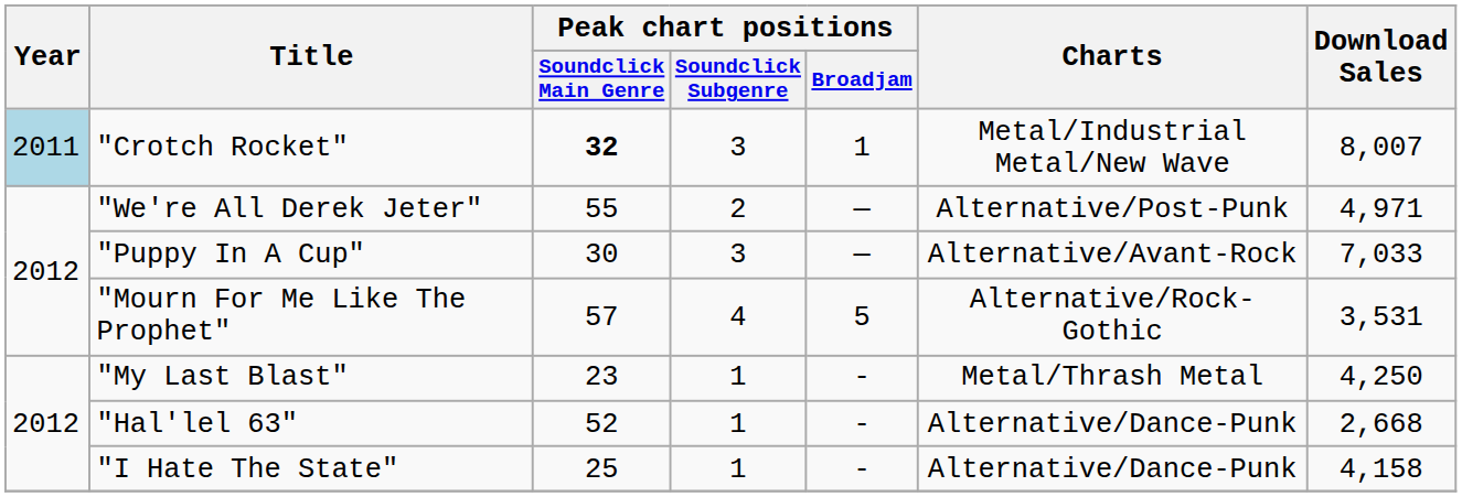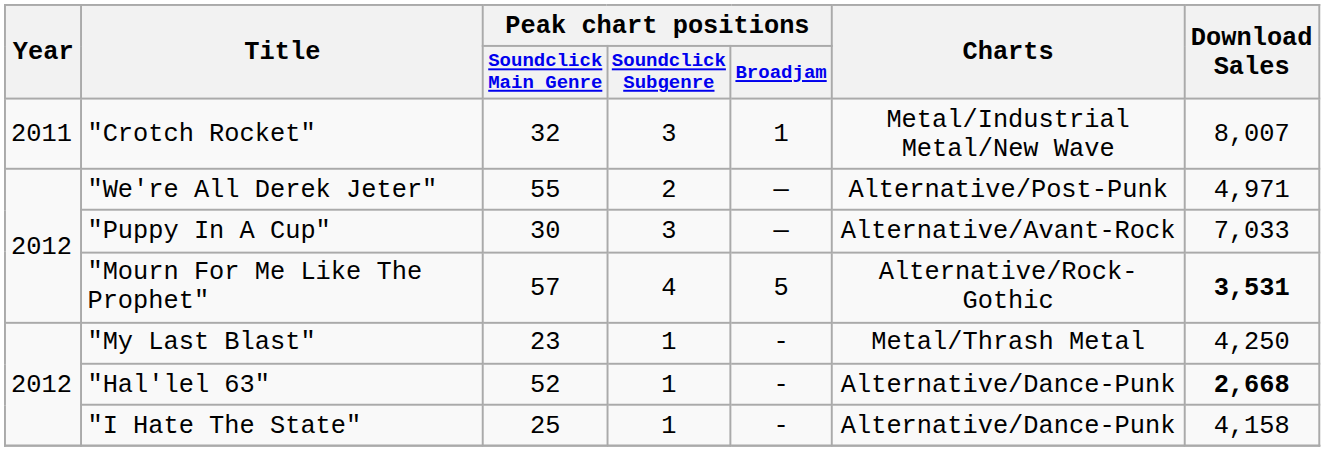 <table class="wikitable">
 <tr>
 <th rowspan="2" width="33">Year</th>
 <th width="200" rowspan="2">Title</th>
 <th colspan="3">Peak chart positions</th>
 <th rowspan="2" width="175">Charts</th>
 <th rowspan="2" width="7">Download Sales</th>
 </tr>
 <tr>
 <th style="width:3em;font-size:75%"><a href='#'>Soundclick Main Genre</a></th>
 <th style="width:3em;font-size:75%"><a href='#'>Soundclick Subgenre</a></th>
 <th style="width:3em;font-size:75%"><a href='#'>Broadjam</a></th>
 </tr>
 <tr>
-<td style="background: lightblue;">2011</td>
+<td>2011</td>
 <td>"Crotch Rocket"</td>
-<td align="center"><strong>32</strong></td>
+<td align="center">32</td>
 <td align="center">3</td>
 <td align="center">1</td>
 <td align="center">Metal/Industrial Metal/New Wave</td>
 <td align="center">8,007</td>
 </tr>
 <tr>
 <td rowspan="3">2012</td>
 <td>"We're All Derek Jeter"</td>
 <td align="center">55</td>
 <td align="center">2</td>
 <td align="center">—</td>
 <td align="center">Alternative/Post-Punk</td>
 <td align="center">4,971</td>
 </tr>
 <tr>
 <td>"Puppy In A Cup"</td>
 <td align="center">30</td>
 <td align="center">3</td>
 <td align="center">—</td>
 <td align="center">Alternative/Avant-Rock</td>
 <td align="center">7,033</td>
 </tr>
 <tr>
 <td>"Mourn For Me Like The Prophet"</td>
 <td align="center">57</td>
 <td align="center">4</td>
 <td align="center">5</td>
 <td align="center">Alternative/Rock-Gothic</td>
-<td align="center">3,531</td>
+<td align="center"><strong>3,531</strong></td>
 </tr>
 <tr>
 <td rowspan="3">2012</td>
 <td>"My Last Blast"</td>
 <td align="center">23</td>
 <td align="center">1</td>
 <td align="center">-</td>
 <td align="center">Metal/Thrash Metal</td>
 <td align="center">4,250</td>
 </tr>
 <tr>
 <td>"Hal'lel 63"</td>
 <td align="center">52</td>
 <td align="center">1</td>
 <td align="center">-</td>
 <td align="center">Alternative/Dance-Punk</td>
-<td align="center">2,668</td>
+<td align="center"><strong>2,668</strong></td>
 </tr>
 <tr>
 <td>"I Hate The State"</td>
 <td align="center">25</td>
 <td align="center">1</td>
 <td align="center">-</td>
 <td align="center">Alternative/Dance-Punk</td>
 <td align="center">4,158</td>
 </tr>
 <tr>
 </tr>
 </table>
